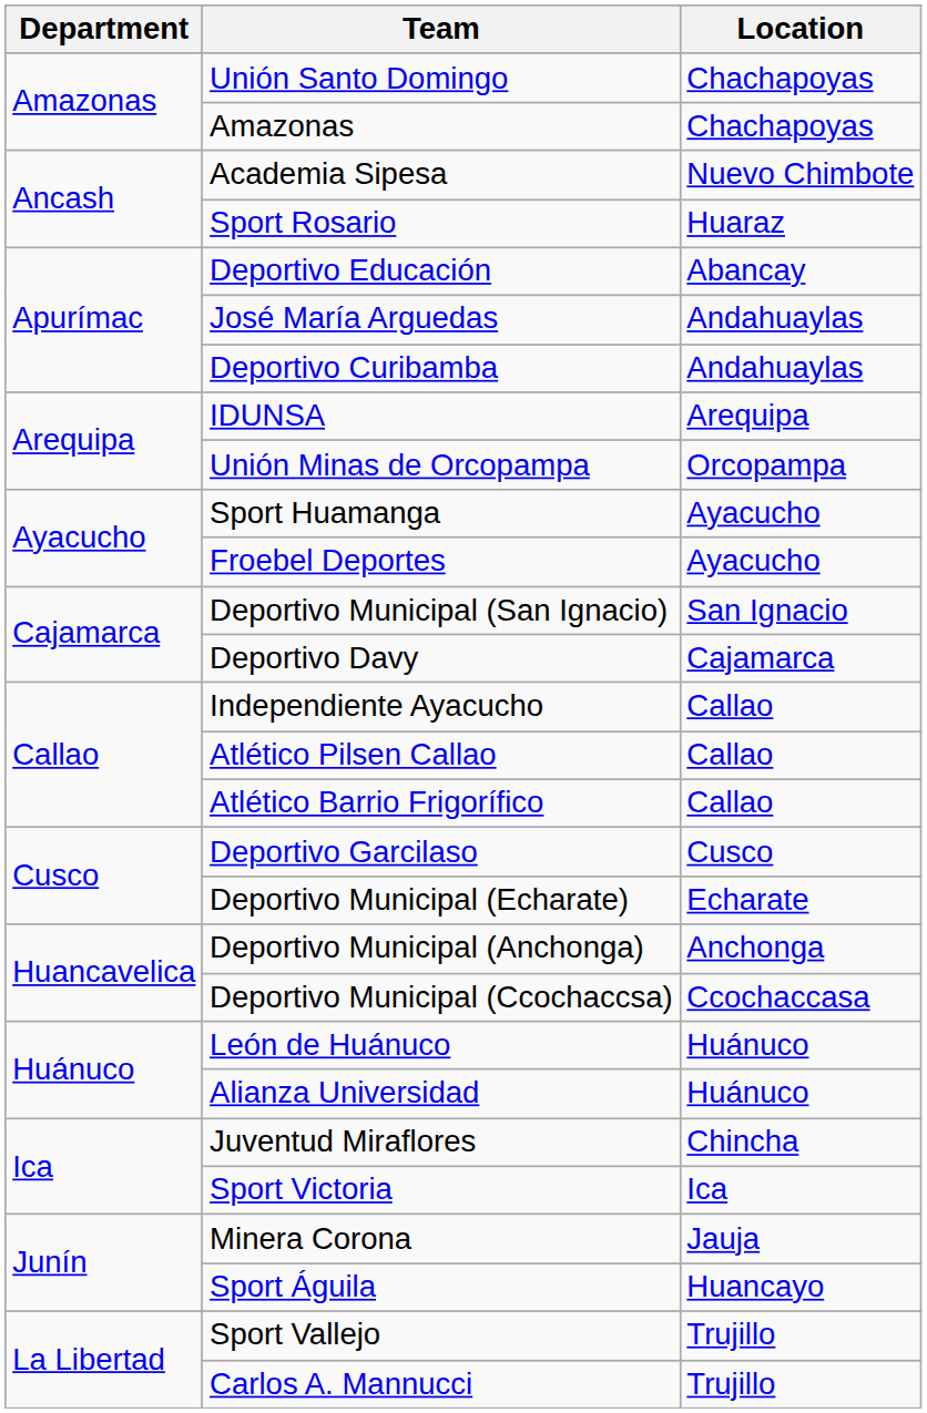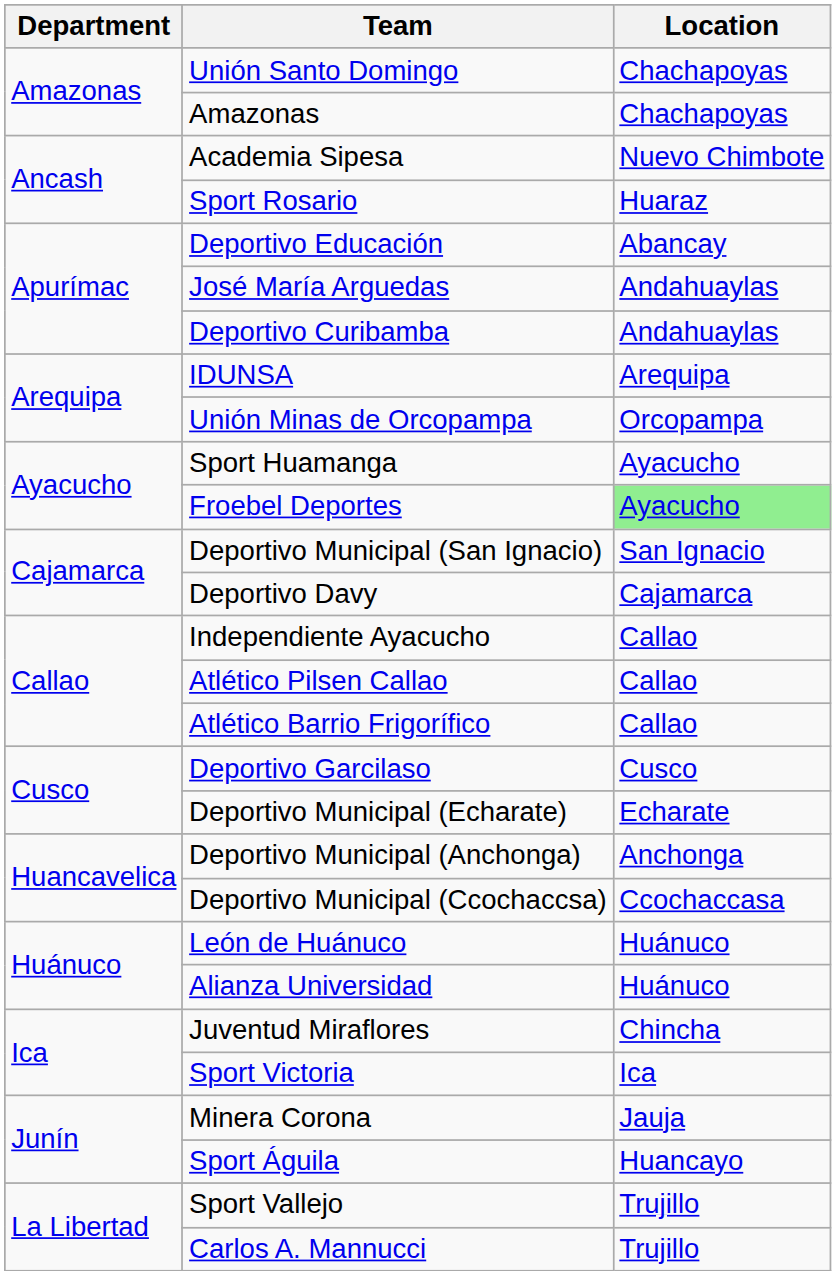 <table class="wikitable">
 <tr>
 <th>Department</th>
 <th>Team</th>
 <th>Location</th>
 </tr>
 <tr>
 <td rowspan="2"><a href='#'>Amazonas</a></td>
 <td><a href='#'>Unión Santo Domingo</a></td>
 <td><a href='#'>Chachapoyas</a></td>
 </tr>
 <tr>
 <td>Amazonas</td>
 <td><a href='#'>Chachapoyas</a></td>
 </tr>
 <tr>
 <td rowspan="2"><a href='#'>Ancash</a></td>
 <td>Academia Sipesa</td>
 <td><a href='#'>Nuevo Chimbote</a></td>
 </tr>
 <tr>
 <td><a href='#'>Sport Rosario</a></td>
 <td><a href='#'>Huaraz</a></td>
 </tr>
 <tr>
 <td rowspan="3"><a href='#'>Apurímac</a></td>
 <td><a href='#'>Deportivo Educación</a></td>
 <td><a href='#'>Abancay</a></td>
 </tr>
 <tr>
 <td><a href='#'>José María Arguedas</a></td>
 <td><a href='#'>Andahuaylas</a></td>
 </tr>
 <tr>
 <td><a href='#'>Deportivo Curibamba</a></td>
 <td><a href='#'>Andahuaylas</a></td>
 </tr>
 <tr>
 <td rowspan="2"><a href='#'>Arequipa</a></td>
 <td><a href='#'>IDUNSA</a></td>
 <td><a href='#'>Arequipa</a></td>
 </tr>
 <tr>
 <td><a href='#'>Unión Minas de Orcopampa</a></td>
 <td><a href='#'>Orcopampa</a></td>
 </tr>
 <tr>
 <td rowspan="2"><a href='#'>Ayacucho</a></td>
 <td>Sport Huamanga</td>
 <td><a href='#'>Ayacucho</a></td>
 </tr>
 <tr>
 <td><a href='#'>Froebel Deportes</a></td>
-<td><a href='#'>Ayacucho</a></td>
+<td style="background: lightgreen;"><a href='#'>Ayacucho</a></td>
 </tr>
 <tr>
 <td rowspan="2"><a href='#'>Cajamarca</a></td>
 <td>Deportivo Municipal (San Ignacio)</td>
 <td><a href='#'>San Ignacio</a></td>
 </tr>
 <tr>
 <td>Deportivo Davy</td>
 <td><a href='#'>Cajamarca</a></td>
 </tr>
 <tr>
 <td rowspan="3"><a href='#'>Callao</a></td>
 <td>Independiente Ayacucho</td>
 <td><a href='#'>Callao</a></td>
 </tr>
 <tr>
 <td><a href='#'>Atlético Pilsen Callao</a></td>
 <td><a href='#'>Callao</a></td>
 </tr>
 <tr>
 <td><a href='#'>Atlético Barrio Frigorífico</a></td>
 <td><a href='#'>Callao</a></td>
 </tr>
 <tr>
 <td rowspan="2"><a href='#'>Cusco</a></td>
 <td><a href='#'>Deportivo Garcilaso</a></td>
 <td><a href='#'>Cusco</a></td>
 </tr>
 <tr>
 <td>Deportivo Municipal (Echarate)</td>
 <td><a href='#'>Echarate</a></td>
 </tr>
 <tr>
 <td rowspan="2"><a href='#'>Huancavelica</a></td>
 <td>Deportivo Municipal (Anchonga)</td>
 <td><a href='#'>Anchonga</a></td>
 </tr>
 <tr>
 <td>Deportivo Municipal (Ccochaccsa)</td>
 <td><a href='#'>Ccochaccasa</a></td>
 </tr>
 <tr>
 <td rowspan="2"><a href='#'>Huánuco</a></td>
 <td><a href='#'>León de Huánuco</a></td>
 <td><a href='#'>Huánuco</a></td>
 </tr>
 <tr>
 <td><a href='#'>Alianza Universidad</a></td>
 <td><a href='#'>Huánuco</a></td>
 </tr>
 <tr>
 <td rowspan="2"><a href='#'>Ica</a></td>
 <td>Juventud Miraflores</td>
 <td><a href='#'>Chincha</a></td>
 </tr>
 <tr>
 <td><a href='#'>Sport Victoria</a></td>
 <td><a href='#'>Ica</a></td>
 </tr>
 <tr>
 <td rowspan="2"><a href='#'>Junín</a></td>
 <td>Minera Corona</td>
 <td><a href='#'>Jauja</a></td>
 </tr>
 <tr>
 <td><a href='#'>Sport Águila</a></td>
 <td><a href='#'>Huancayo</a></td>
 </tr>
 <tr>
 <td rowspan="2"><a href='#'>La Libertad</a></td>
 <td>Sport Vallejo</td>
 <td><a href='#'>Trujillo</a></td>
 </tr>
 <tr>
 <td><a href='#'>Carlos A. Mannucci</a></td>
 <td><a href='#'>Trujillo</a></td>
 </tr>
 </table>
